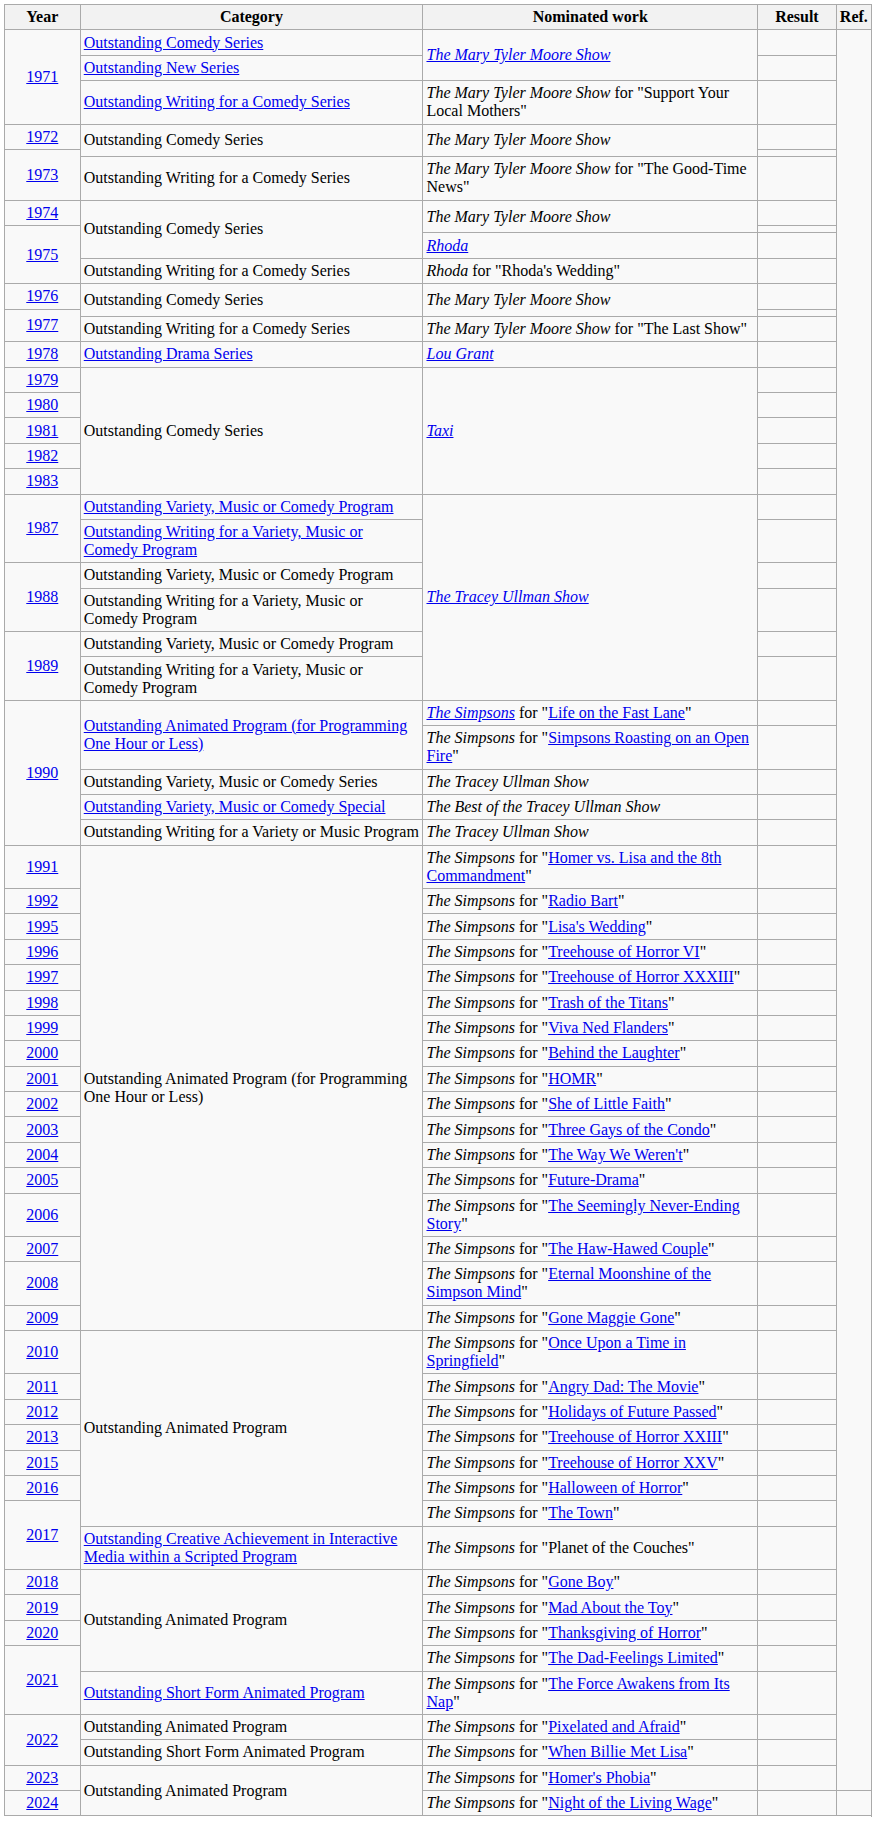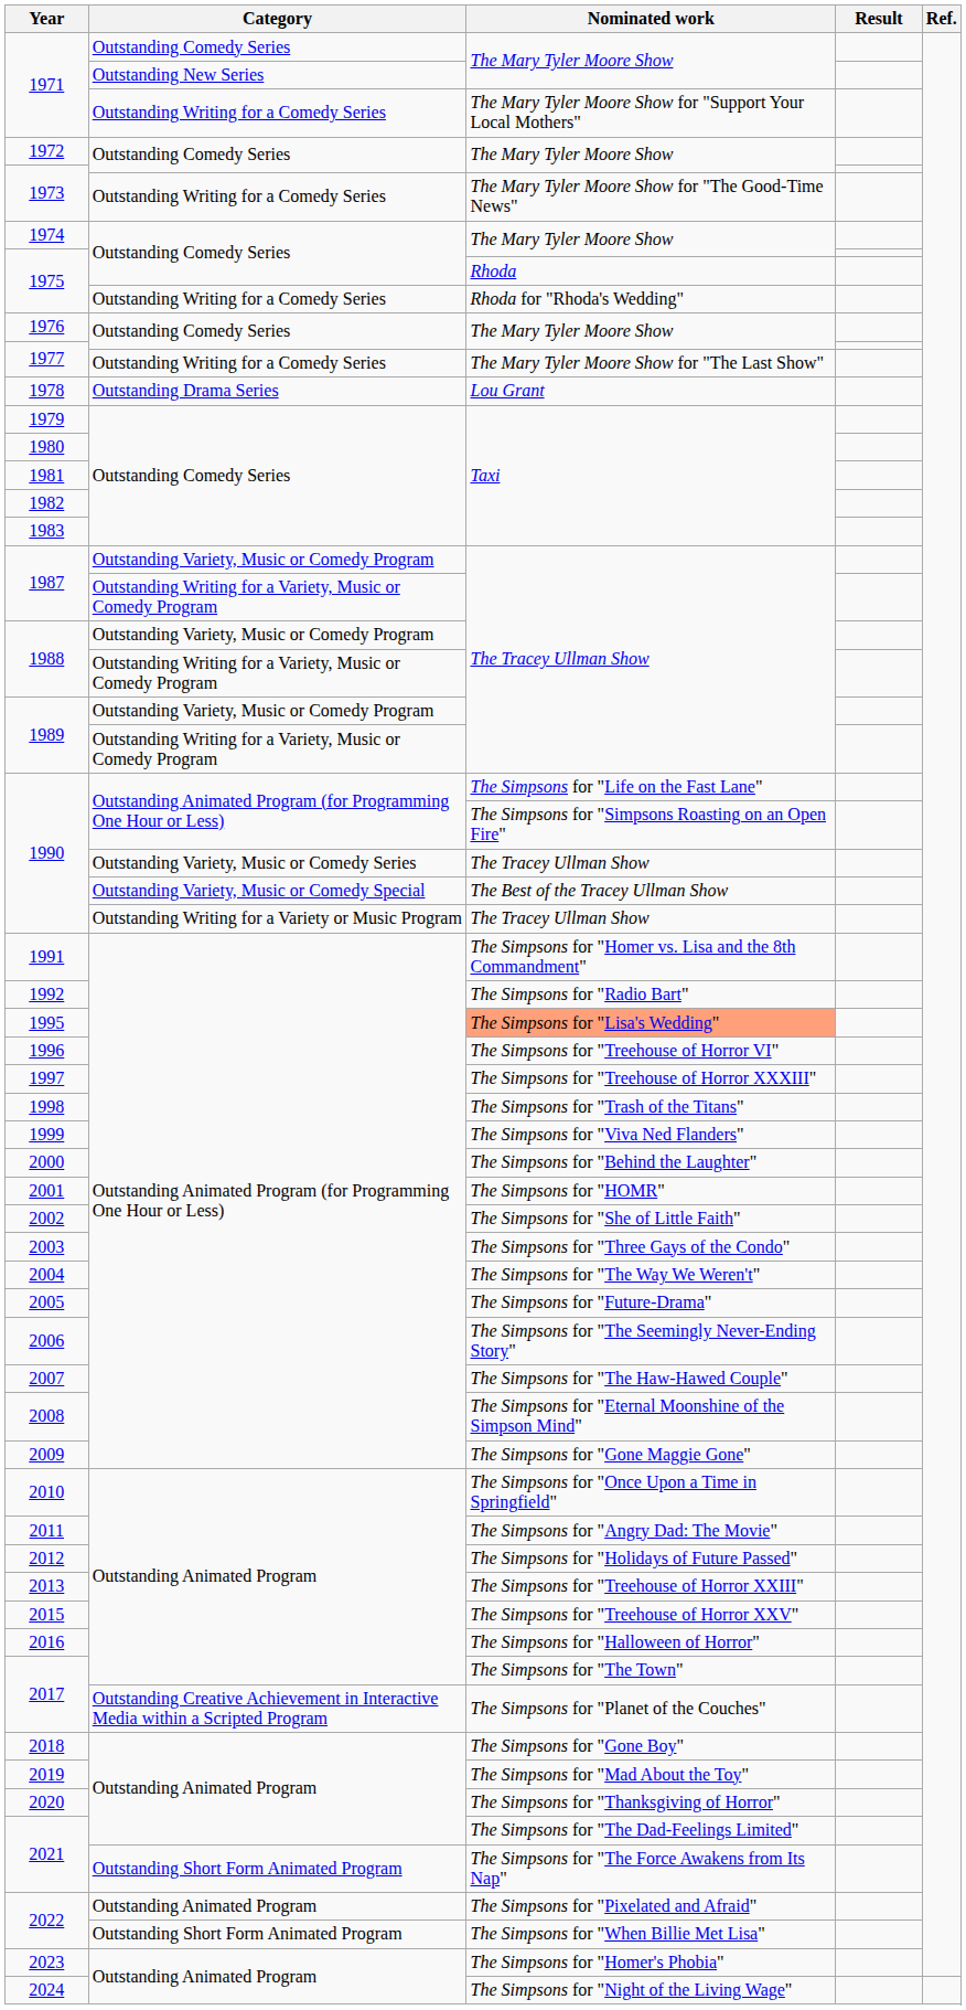 <table class=wikitable>
 <tr>
 <th scope="col" style="width:5em;">Year</th>
 <th scope="col" style="width:26em;">Category</th>
 <th scope="col" style="width:25em;">Nominated work</th>
 <th scope="col" style="width:5em;">Result</th>
 <th>Ref.</th>
 </tr>
 <tr>
 <td style="text-align:center;", rowspan=3><a href='#'>1971</a></td>
 <td><a href='#'>Outstanding Comedy Series</a></td>
 <td rowspan="2"><em><a href='#'>The Mary Tyler Moore Show</a></em></td>
 <td></td>
 <td rowspan=63></td>
 </tr>
 <tr>
 <td><a href='#'>Outstanding New Series</a></td>
 <td></td>
 </tr>
 <tr>
 <td><a href='#'>Outstanding Writing for a Comedy Series</a></td>
 <td><em>The Mary Tyler Moore Show</em> for "Support Your Local Mothers"</td>
 <td></td>
 </tr>
 <tr>
 <td style="text-align:center;"><a href='#'>1972</a></td>
 <td rowspan="2">Outstanding Comedy Series</td>
 <td rowspan="2"><em>The Mary Tyler Moore Show</em></td>
 <td></td>
 </tr>
 <tr>
 <td style="text-align:center;", rowspan=2><a href='#'>1973</a></td>
 <td></td>
 </tr>
 <tr>
 <td>Outstanding Writing for a Comedy Series</td>
 <td><em>The Mary Tyler Moore Show</em> for "The Good-Time News"</td>
 <td></td>
 </tr>
 <tr>
 <td style="text-align:center;"><a href='#'>1974</a></td>
 <td rowspan="3">Outstanding Comedy Series</td>
 <td rowspan="2"><em>The Mary Tyler Moore Show</em></td>
 <td></td>
 </tr>
 <tr>
 <td style="text-align:center;" rowspan=3><a href='#'>1975</a></td>
 <td></td>
 </tr>
 <tr>
 <td><em><a href='#'>Rhoda</a></em></td>
 <td></td>
 </tr>
 <tr>
 <td>Outstanding Writing for a Comedy Series</td>
 <td><em>Rhoda</em> for "Rhoda's Wedding"</td>
 <td></td>
 </tr>
 <tr>
 <td style="text-align:center;"><a href='#'>1976</a></td>
 <td rowspan="2">Outstanding Comedy Series</td>
 <td rowspan="2"><em>The Mary Tyler Moore Show</em></td>
 <td></td>
 </tr>
 <tr>
 <td style="text-align:center;", rowspan=2><a href='#'>1977</a></td>
 <td></td>
 </tr>
 <tr>
 <td>Outstanding Writing for a Comedy Series</td>
 <td><em>The Mary Tyler Moore Show</em> for "The Last Show"</td>
 <td></td>
 </tr>
 <tr>
 <td style="text-align:center;"><a href='#'>1978</a></td>
 <td><a href='#'>Outstanding Drama Series</a></td>
 <td><em><a href='#'>Lou Grant</a></em></td>
 <td></td>
 </tr>
 <tr>
 <td style="text-align:center;"><a href='#'>1979</a></td>
 <td rowspan="5">Outstanding Comedy Series</td>
 <td rowspan=5><em><a href='#'>Taxi</a></em></td>
 <td></td>
 </tr>
 <tr>
 <td style="text-align:center;"><a href='#'>1980</a></td>
 <td></td>
 </tr>
 <tr>
 <td style="text-align:center;"><a href='#'>1981</a></td>
 <td></td>
 </tr>
 <tr>
 <td style="text-align:center;"><a href='#'>1982</a></td>
 <td></td>
 </tr>
 <tr>
 <td style="text-align:center;"><a href='#'>1983</a></td>
 <td></td>
 </tr>
 <tr>
 <td style="text-align:center;" rowspan=2><a href='#'>1987</a></td>
 <td><a href='#'>Outstanding Variety, Music or Comedy Program</a></td>
 <td rowspan=6><em><a href='#'>The Tracey Ullman Show</a></em></td>
 <td></td>
 </tr>
 <tr>
 <td><a href='#'>Outstanding Writing for a Variety, Music or Comedy Program</a></td>
 <td></td>
 </tr>
 <tr>
 <td style="text-align:center;" rowspan=2><a href='#'>1988</a></td>
 <td>Outstanding Variety, Music or Comedy Program</td>
 <td></td>
 </tr>
 <tr>
 <td>Outstanding Writing for a Variety, Music or Comedy Program</td>
 <td></td>
 </tr>
 <tr>
 <td style="text-align:center;" rowspan=2><a href='#'>1989</a></td>
 <td>Outstanding Variety, Music or Comedy Program</td>
 <td></td>
 </tr>
 <tr>
 <td>Outstanding Writing for a Variety, Music or Comedy Program</td>
 <td></td>
 </tr>
 <tr>
 <td style="text-align:center;", rowspan=5><a href='#'>1990</a></td>
 <td rowspan="2"><a href='#'>Outstanding Animated Program (for Programming One Hour or Less)</a></td>
 <td><em><a href='#'>The Simpsons</a></em> for "<a href='#'>Life on the Fast Lane</a>"</td>
 <td></td>
 </tr>
 <tr>
 <td><em>The Simpsons</em> for "<a href='#'>Simpsons Roasting on an Open Fire</a>"</td>
 <td></td>
 </tr>
 <tr>
 <td>Outstanding Variety, Music or Comedy Series</td>
 <td><em>The Tracey Ullman Show</em></td>
 <td></td>
 </tr>
 <tr>
 <td><a href='#'>Outstanding Variety, Music or Comedy Special</a></td>
 <td><em>The Best of the Tracey Ullman Show</em></td>
 <td></td>
 </tr>
 <tr>
 <td>Outstanding Writing for a Variety or Music Program</td>
 <td><em>The Tracey Ullman Show</em></td>
 <td></td>
 </tr>
 <tr>
 <td style="text-align:center;"><a href='#'>1991</a></td>
 <td rowspan="17">Outstanding Animated Program (for Programming One Hour or Less)</td>
 <td><em>The Simpsons</em> for "<a href='#'>Homer vs. Lisa and the 8th Commandment</a>"</td>
 <td></td>
 </tr>
 <tr>
 <td style="text-align:center;"><a href='#'>1992</a></td>
 <td><em>The Simpsons</em> for "<a href='#'>Radio Bart</a>"</td>
 <td></td>
 </tr>
 <tr>
 <td style="text-align:center;"><a href='#'>1995</a></td>
-<td><em>The Simpsons</em> for "<a href='#'>Lisa's Wedding</a>"</td>
+<td style="background: lightsalmon;"><em>The Simpsons</em> for "<a href='#'>Lisa's Wedding</a>"</td>
 <td></td>
 </tr>
 <tr>
 <td style="text-align:center;"><a href='#'>1996</a></td>
 <td><em>The Simpsons</em> for "<a href='#'>Treehouse of Horror VI</a>"</td>
 <td></td>
 </tr>
 <tr>
 <td style="text-align:center;"><a href='#'>1997</a></td>
 <td><em>The Simpsons</em> for "<a href='#'>Treehouse of Horror XXXIII</a>"</td>
 <td></td>
 </tr>
 <tr>
 <td style="text-align:center;"><a href='#'>1998</a></td>
 <td><em>The Simpsons</em> for "<a href='#'>Trash of the Titans</a>"</td>
 <td></td>
 </tr>
 <tr>
 <td style="text-align:center;"><a href='#'>1999</a></td>
 <td><em>The Simpsons</em> for "<a href='#'>Viva Ned Flanders</a>"</td>
 <td></td>
 </tr>
 <tr>
 <td style="text-align:center;"><a href='#'>2000</a></td>
 <td><em>The Simpsons</em> for "<a href='#'>Behind the Laughter</a>"</td>
 <td></td>
 </tr>
 <tr>
 <td style="text-align:center;"><a href='#'>2001</a></td>
 <td><em>The Simpsons</em> for "<a href='#'>HOMR</a>"</td>
 <td></td>
 </tr>
 <tr>
 <td style="text-align:center;"><a href='#'>2002</a></td>
 <td><em>The Simpsons</em> for "<a href='#'>She of Little Faith</a>"</td>
 <td></td>
 </tr>
 <tr>
 <td style="text-align:center;"><a href='#'>2003</a></td>
 <td><em>The Simpsons</em> for "<a href='#'>Three Gays of the Condo</a>"</td>
 <td></td>
 </tr>
 <tr>
 <td style="text-align:center;"><a href='#'>2004</a></td>
 <td><em>The Simpsons</em> for "<a href='#'>The Way We Weren't</a>"</td>
 <td></td>
 </tr>
 <tr>
 <td style="text-align:center;"><a href='#'>2005</a></td>
 <td><em>The Simpsons</em> for "<a href='#'>Future-Drama</a>"</td>
 <td></td>
 </tr>
 <tr>
 <td style="text-align:center;"><a href='#'>2006</a></td>
 <td><em>The Simpsons</em> for "<a href='#'>The Seemingly Never-Ending Story</a>"</td>
 <td></td>
 </tr>
 <tr>
 <td style="text-align:center;"><a href='#'>2007</a></td>
 <td><em>The Simpsons</em> for "<a href='#'>The Haw-Hawed Couple</a>"</td>
 <td></td>
 </tr>
 <tr>
 <td style="text-align:center;"><a href='#'>2008</a></td>
 <td><em>The Simpsons</em> for "<a href='#'>Eternal Moonshine of the Simpson Mind</a>"</td>
 <td></td>
 </tr>
 <tr>
 <td style="text-align:center;"><a href='#'>2009</a></td>
 <td><em>The Simpsons</em> for "<a href='#'>Gone Maggie Gone</a>"</td>
 <td></td>
 </tr>
 <tr>
 <td style="text-align:center;"><a href='#'>2010</a></td>
 <td rowspan="7">Outstanding Animated Program</td>
 <td><em>The Simpsons</em> for "<a href='#'>Once Upon a Time in Springfield</a>"</td>
 <td></td>
 </tr>
 <tr>
 <td style="text-align:center;"><a href='#'>2011</a></td>
 <td><em>The Simpsons</em> for "<a href='#'>Angry Dad: The Movie</a>"</td>
 <td></td>
 </tr>
 <tr>
 <td style="text-align:center;"><a href='#'>2012</a></td>
 <td><em>The Simpsons</em> for "<a href='#'>Holidays of Future Passed</a>"</td>
 <td></td>
 </tr>
 <tr>
 <td style="text-align:center;"><a href='#'>2013</a></td>
 <td><em>The Simpsons</em> for "<a href='#'>Treehouse of Horror XXIII</a>"</td>
 <td></td>
 </tr>
 <tr>
 <td style="text-align:center;"><a href='#'>2015</a></td>
 <td><em>The Simpsons</em> for "<a href='#'>Treehouse of Horror XXV</a>"</td>
 <td></td>
 </tr>
 <tr>
 <td style="text-align:center;"><a href='#'>2016</a></td>
 <td><em>The Simpsons</em> for "<a href='#'>Halloween of Horror</a>"</td>
 <td></td>
 </tr>
 <tr>
 <td style="text-align:center;" rowspan=2><a href='#'>2017</a></td>
 <td><em>The Simpsons</em> for "<a href='#'>The Town</a>"</td>
 <td></td>
 </tr>
 <tr>
 <td><a href='#'>Outstanding Creative Achievement in Interactive Media within a Scripted Program</a></td>
 <td><em>The Simpsons</em> for "Planet of the Couches"</td>
 <td></td>
 </tr>
 <tr>
 <td style="text-align:center;"><a href='#'>2018</a></td>
 <td rowspan="4">Outstanding Animated Program</td>
 <td><em>The Simpsons</em> for "<a href='#'>Gone Boy</a>"</td>
 <td></td>
 </tr>
 <tr>
 <td style="text-align:center;"><a href='#'>2019</a></td>
 <td><em>The Simpsons</em> for "<a href='#'>Mad About the Toy</a>"</td>
 <td></td>
 </tr>
 <tr>
 <td style="text-align:center;"><a href='#'>2020</a></td>
 <td><em>The Simpsons</em> for "<a href='#'>Thanksgiving of Horror</a>"</td>
 <td></td>
 </tr>
 <tr>
 <td style="text-align:center;" rowspan=2><a href='#'>2021</a></td>
 <td><em>The Simpsons</em> for "<a href='#'>The Dad-Feelings Limited</a>"</td>
 <td></td>
 </tr>
 <tr>
 <td><a href='#'>Outstanding Short Form Animated Program</a></td>
 <td><em>The Simpsons</em> for "<a href='#'>The Force Awakens from Its Nap</a>"</td>
 <td></td>
 </tr>
 <tr>
 <td style="text-align:center;" rowspan=2><a href='#'>2022</a></td>
 <td>Outstanding Animated Program</td>
 <td><em>The Simpsons</em> for "<a href='#'>Pixelated and Afraid</a>"</td>
 <td></td>
 </tr>
 <tr>
 <td>Outstanding Short Form Animated Program</td>
 <td><em>The Simpsons</em> for "<a href='#'>When Billie Met Lisa</a>"</td>
 <td></td>
 </tr>
 <tr>
 <td style="text-align:center;"><a href='#'>2023</a></td>
 <td rowspan=2>Outstanding Animated Program</td>
 <td><em>The Simpsons</em> for "<a href='#'>Homer's Phobia</a>"</td>
 <td></td>
 </tr>
 <tr>
 <td style="text-align:center;"><a href='#'>2024</a></td>
 <td><em>The Simpsons</em> for "<a href='#'>Night of the Living Wage</a>"</td>
 <td></td>
 </tr>
 <tr>
 </tr>
 </table>
